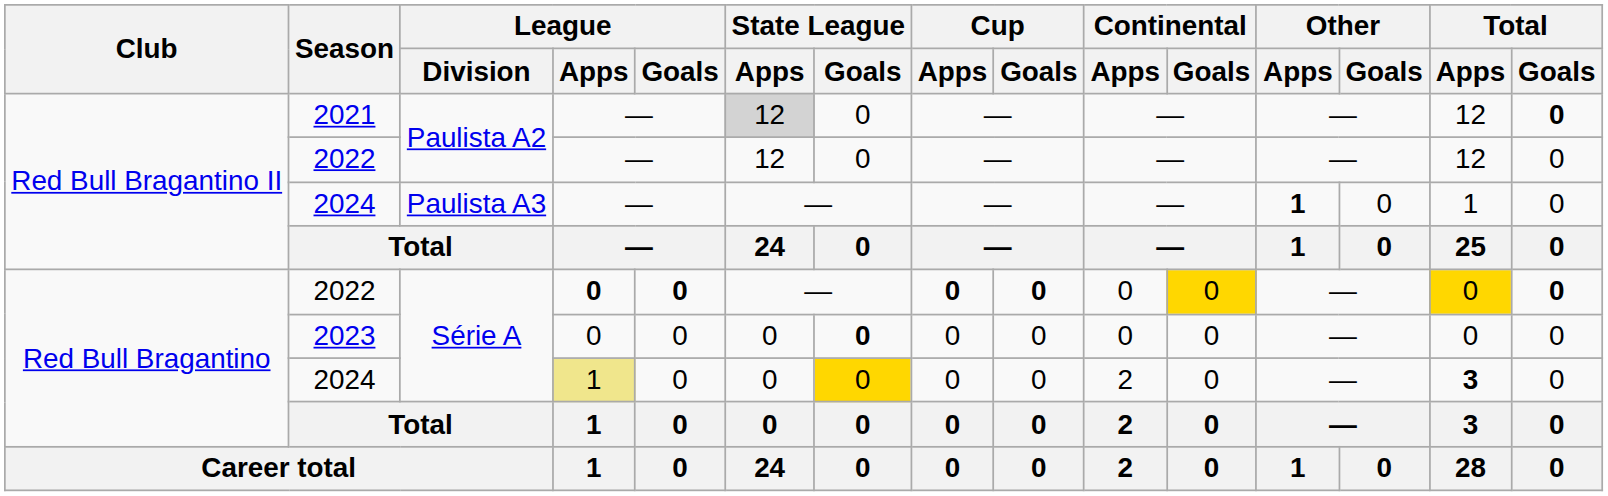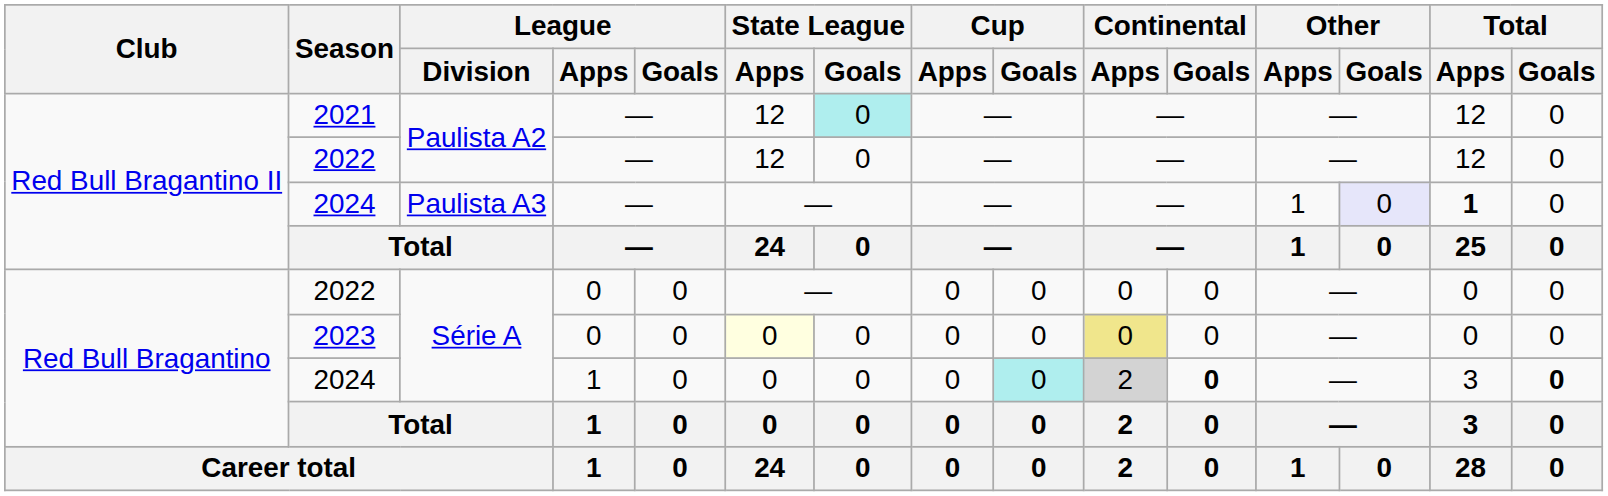 <table class="wikitable" style="text-align: center">
 <tr>
 <th rowspan="2">Club</th>
 <th rowspan="2">Season</th>
 <th colspan="3">League</th>
 <th colspan="2">State League</th>
 <th colspan="2">Cup</th>
 <th colspan="2">Continental</th>
 <th colspan="2">Other</th>
 <th colspan="2">Total</th>
 </tr>
 <tr>
 <th>Division</th>
 <th>Apps</th>
 <th>Goals</th>
 <th>Apps</th>
 <th>Goals</th>
 <th>Apps</th>
 <th>Goals</th>
 <th>Apps</th>
 <th>Goals</th>
 <th>Apps</th>
 <th>Goals</th>
 <th>Apps</th>
 <th>Goals</th>
 </tr>
 <tr>
 <td rowspan="4"><a href='#'>Red Bull Bragantino II</a></td>
 <td><a href='#'>2021</a></td>
 <td rowspan="2"><a href='#'>Paulista A2</a></td>
 <td colspan="2">—</td>
-<td style="background: lightgrey;">12</td>
-<td>0</td>
+<td>12</td>
+<td style="background: paleturquoise;">0</td>
 <td colspan="2">—</td>
 <td colspan="2">—</td>
 <td colspan="2">—</td>
 <td>12</td>
-<td><strong>0</strong></td>
+<td>0</td>
 </tr>
 <tr>
 <td><a href='#'>2022</a></td>
 <td colspan="2">—</td>
 <td>12</td>
 <td>0</td>
 <td colspan="2">—</td>
 <td colspan="2">—</td>
 <td colspan="2">—</td>
 <td>12</td>
 <td>0</td>
 </tr>
 <tr>
 <td><a href='#'>2024</a></td>
 <td><a href='#'>Paulista A3</a></td>
 <td colspan="2">—</td>
 <td colspan="2">—</td>
 <td colspan="2">—</td>
 <td colspan="2">—</td>
+<td>1</td>
+<td style="background: lavender;">0</td>
 <td><strong>1</strong></td>
-<td>0</td>
-<td>1</td>
 <td>0</td>
 </tr>
 <tr>
 <th colspan="2">Total</th>
 <th colspan="2">—</th>
 <th>24</th>
 <th>0</th>
 <th colspan="2">—</th>
 <th colspan="2">—</th>
 <th>1</th>
 <th>0</th>
 <th>25</th>
 <th>0</th>
 </tr>
 <tr>
 <td rowspan="4"><a href='#'>Red Bull Bragantino</a></td>
 <td>2022</td>
 <td rowspan="3"><a href='#'>Série A</a></td>
-<td><strong>0</strong></td>
-<td><strong>0</strong></td>
-<td colspan="2">—</td>
-<td><strong>0</strong></td>
-<td><strong>0</strong></td>
-<td>0</td>
-<td style="background: gold;">0</td>
-<td colspan="2">—</td>
-<td style="background: gold;">0</td>
-<td><strong>0</strong></td>
-</tr>
-<tr>
-<td><a href='#'>2023</a></td>
 <td>0</td>
 <td>0</td>
-<td>0</td>
-<td><strong>0</strong></td>
+<td colspan="2">—</td>
 <td>0</td>
 <td>0</td>
 <td>0</td>
 <td>0</td>
 <td colspan="2">—</td>
 <td>0</td>
 <td>0</td>
 </tr>
 <tr>
-<td>2024</td>
-<td style="background: khaki;">1</td>
+<td><a href='#'>2023</a></td>
 <td>0</td>
 <td>0</td>
-<td style="background: gold;">0</td>
+<td style="background: lightyellow;">0</td>
 <td>0</td>
 <td>0</td>
-<td>2</td>
+<td>0</td>
+<td style="background: khaki;">0</td>
 <td>0</td>
 <td colspan="2">—</td>
-<td><strong>3</strong></td>
 <td>0</td>
+<td>0</td>
+</tr>
+<tr>
+<td>2024</td>
+<td>1</td>
+<td>0</td>
+<td>0</td>
+<td>0</td>
+<td>0</td>
+<td style="background: paleturquoise;">0</td>
+<td style="background: lightgrey;">2</td>
+<td><strong>0</strong></td>
+<td colspan="2">—</td>
+<td>3</td>
+<td><strong>0</strong></td>
 </tr>
 <tr>
 <th colspan="2">Total</th>
 <th>1</th>
 <th>0</th>
 <th>0</th>
 <th>0</th>
 <th>0</th>
 <th>0</th>
 <th>2</th>
 <th>0</th>
 <th colspan="2">—</th>
 <th>3</th>
 <th>0</th>
 </tr>
 <tr>
 <th colspan="3"><strong>Career total</strong></th>
 <th>1</th>
 <th>0</th>
 <th>24</th>
 <th>0</th>
 <th>0</th>
 <th>0</th>
 <th>2</th>
 <th>0</th>
 <th>1</th>
 <th>0</th>
 <th>28</th>
 <th>0</th>
 </tr>
 </table>
